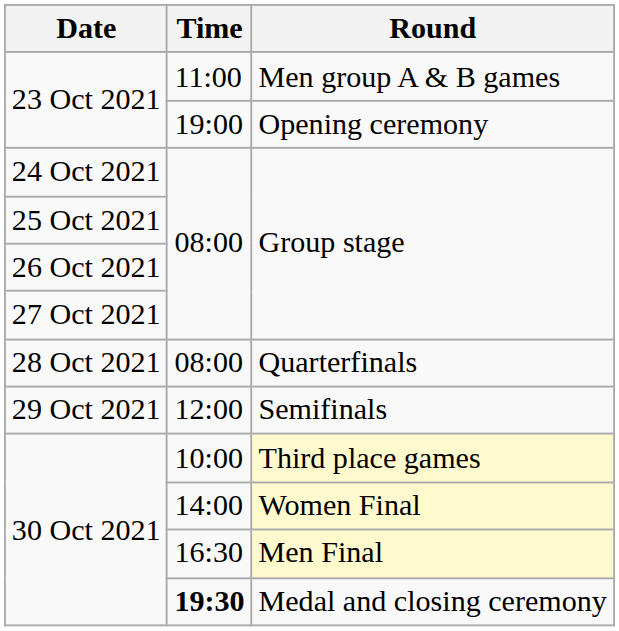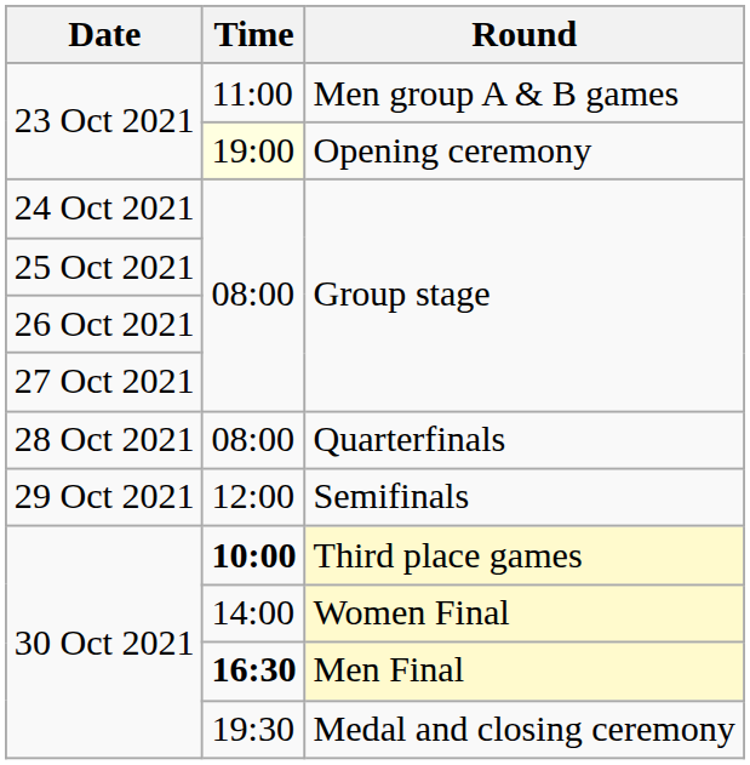 <table class="wikitable">
 <tr>
 <th>Date</th>
 <th>Time</th>
 <th>Round</th>
 </tr>
 <tr>
 <td rowspan=2>23 Oct 2021</td>
 <td>11:00</td>
 <td>Men group A & B games</td>
 </tr>
 <tr>
-<td>19:00</td>
+<td style="background: lightyellow;">19:00</td>
 <td>Opening ceremony</td>
 </tr>
 <tr>
 <td>24 Oct 2021</td>
 <td rowspan=4>08:00</td>
 <td rowspan=4>Group stage</td>
 </tr>
 <tr>
 <td>25 Oct 2021</td>
 </tr>
 <tr>
 <td>26 Oct 2021</td>
 </tr>
 <tr>
 <td>27 Oct 2021</td>
 </tr>
 <tr>
 <td>28 Oct 2021</td>
 <td>08:00</td>
 <td>Quarterfinals</td>
 </tr>
 <tr>
 <td>29 Oct 2021</td>
 <td>12:00</td>
 <td>Semifinals</td>
 </tr>
 <tr>
 <td rowspan=4>30 Oct 2021</td>
-<td>10:00</td>
+<td><strong>10:00</strong></td>
 <td style="background:lemonchiffon">Third place games</td>
 </tr>
 <tr>
 <td>14:00</td>
 <td style="background:lemonchiffon">Women Final</td>
 </tr>
 <tr>
-<td>16:30</td>
+<td><strong>16:30</strong></td>
 <td style="background:lemonchiffon">Men Final</td>
 </tr>
 <tr>
-<td><strong>19:30</strong></td>
+<td>19:30</td>
 <td>Medal and closing ceremony</td>
 </tr>
 </table>
